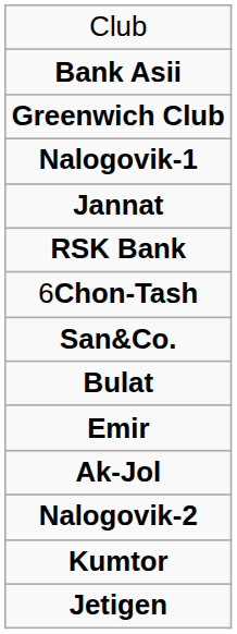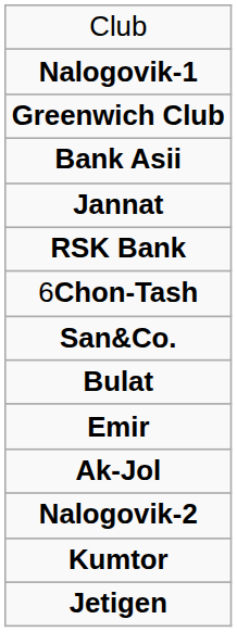 <table class="wikitable" style="text-align: center;">
 <tr>
 <td>Club</td>
 </tr>
 <tr>
-<td><strong>Bank Asii</strong></td>
+<td><strong>Nalogovik-1</strong></td>
 </tr>
 <tr>
 <td><strong>Greenwich Club</strong></td>
 </tr>
 <tr>
-<td><strong>Nalogovik-1</strong></td>
+<td><strong>Bank Asii</strong></td>
 </tr>
 <tr>
 <td><strong>Jannat</strong></td>
 </tr>
 <tr>
 <td><strong>RSK Bank</strong></td>
 </tr>
 <tr>
 <td>6<strong>Chon-Tash</strong></td>
 </tr>
 <tr>
 <td><strong>San&Co.</strong></td>
 </tr>
 <tr>
 <td><strong>Bulat</strong></td>
 </tr>
 <tr>
 <td><strong>Emir</strong></td>
 </tr>
 <tr>
 <td><strong>Ak-Jol</strong></td>
 </tr>
 <tr>
 <td><strong>Nalogovik-2</strong></td>
 </tr>
 <tr>
 <td><strong>Kumtor</strong></td>
 </tr>
 <tr>
 <td><strong>Jetigen</strong></td>
 </tr>
 </table>
